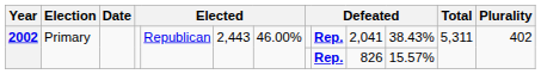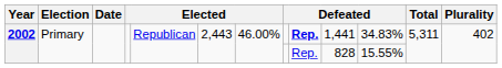 <table class="wikitable">
 <tr>
 <th>Year</th>
 <th>Election</th>
 <th>Date</th>
 <th colspan="4">Elected</th>
 <th colspan="4">Defeated</th>
 <th>Total</th>
 <th>Plurality</th>
 </tr>
 <tr>
 <th rowspan="2" valign="top"><a href='#'>2002</a></th>
 <td rowspan="2" valign="top">Primary</td>
 <td rowspan="2" valign="top"></td>
 <td rowspan="2" valign="top"></td>
 <td valign="top" rowspan="2" ><a href='#'>Republican</a></td>
 <td rowspan="2" align="right" valign="top">2,443</td>
 <td rowspan="2" align="right" valign="top">46.00%</td>
 <td valign="top"></td>
 <td valign="top" ><strong><a href='#'>Rep.</a></strong></td>
-<td align="right" valign="top">2,041</td>
-<td align="right" valign="top">38.43%</td>
+<td align="right" valign="top">1,441</td>
+<td align="right" valign="top">34.83%</td>
 <td rowspan="2" align="right" valign="top">5,311</td>
 <td rowspan="2" align="right" valign="top">402</td>
 </tr>
 <tr>
 <td valign="top"></td>
-<td valign="top" ><strong><a href='#'>Rep.</a></strong></td>
-<td align="right" valign="top">826</td>
-<td align="right" valign="top">15.57%</td>
+<td valign="top" ><a href='#'>Rep.</a></td>
+<td align="right" valign="top">828</td>
+<td align="right" valign="top">15.55%</td>
 </tr>
 </table>
